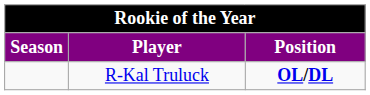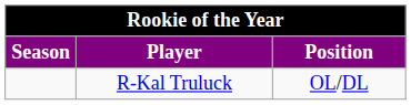 <table class="wikitable sortable" style="text-align:center">
 <tr>
 <td colspan="4" style="background:black; color:white;"><strong>Rookie of the Year</strong></td>
 </tr>
 <tr>
 <th style="width:50px; background:purple; color:white;">Season</th>
 <th style="width:150px; background:purple; color:white;">Player</th>
 <th style="width:100px; background:purple; color:white;">Position</th>
 </tr>
 <tr>
 <td></td>
 <td><a href='#'>R-Kal Truluck</a></td>
-<td><strong><a href='#'>OL</a>/<a href='#'>DL</a></strong></td>
+<td><a href='#'>OL</a>/<a href='#'>DL</a></td>
 </tr>
 </table>
